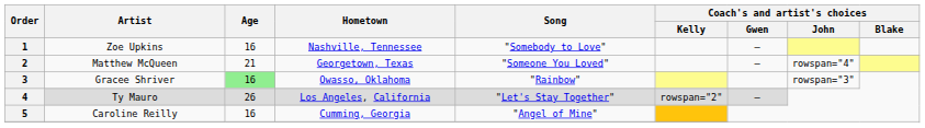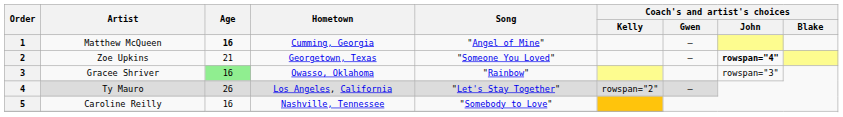 <table class="wikitable" style="text-align:center; line-height:17px; width:100%;">
 <tr>
 <th scope="col" rowspan="2" style="width:04%;">Order</th>
 <th scope="col" rowspan="2" style="width:18%;">Artist</th>
 <th scope="col" rowspan="2" style="width:05%;">Age</th>
 <th scope="col" rowspan="2" style="width:18%;">Hometown</th>
 <th scope="col" rowspan="2" style="width:20%;">Song</th>
 <th scope="col" colspan="4" style="width:24%;">Coach's and artist's choices</th>
 </tr>
 <tr>
 <th style="width:06%;">Kelly</th>
 <th style="width:06%;">Gwen</th>
 <th style="width:06%;">John</th>
 <th style="width:06%;">Blake</th>
 </tr>
 <tr>
 <th>1</th>
-<td>Zoe Upkins</td>
-<td>16</td>
-<td><a href='#'>Nashville, Tennessee</a></td>
-<td>"<a href='#'>Somebody to Love</a>"</td>
+<td>Matthew McQueen</td>
+<td><strong>16</strong></td>
+<td><a href='#'>Cumming, Georgia</a></td>
+<td>"<a href='#'>Angel of Mine</a>"</td>
 <td><em></em></td>
 <td>–</td>
 <td style="background:#fdfc8f"><em></em></td>
 <td><em></em></td>
 </tr>
 <tr>
 <th>2</th>
-<td>Matthew McQueen</td>
+<td>Zoe Upkins</td>
 <td>21</td>
 <td><a href='#'>Georgetown, Texas</a></td>
 <td>"<a href='#'>Someone You Loved</a>"</td>
 <td><em></em></td>
 <td>–</td>
-<td>rowspan="4" </td>
+<td><strong>rowspan="4" </strong></td>
 <td style="background:#fdfc8f"><em></em></td>
 </tr>
 <tr>
 <th>3</th>
 <td>Gracee Shriver</td>
 <td style="background: lightgreen;">16</td>
 <td><a href='#'>Owasso, Oklahoma</a></td>
 <td>"<a href='#'>Rainbow</a>"</td>
 <td style="background:#fdfc8f"><em></em></td>
 <td><em></em></td>
 <td>rowspan="3" </td>
 </tr>
 <tr style="background:#DCDCDC;">
 <th>4</th>
 <td>Ty Mauro</td>
 <td>26</td>
 <td><a href='#'>Los Angeles</a>, <a href='#'>California</a></td>
 <td>"<a href='#'>Let's Stay Together</a>"</td>
 <td>rowspan="2" </td>
 <td>–</td>
 </tr>
 <tr>
 <th>5</th>
 <td>Caroline Reilly</td>
 <td>16</td>
-<td><a href='#'>Cumming, Georgia</a></td>
-<td>"<a href='#'>Angel of Mine</a>"</td>
+<td><a href='#'>Nashville, Tennessee</a></td>
+<td>"<a href='#'>Somebody to Love</a>"</td>
 <td style="background:#ffc40c"><em></em></td>
 </tr>
 <tr>
 </tr>
 </table>
